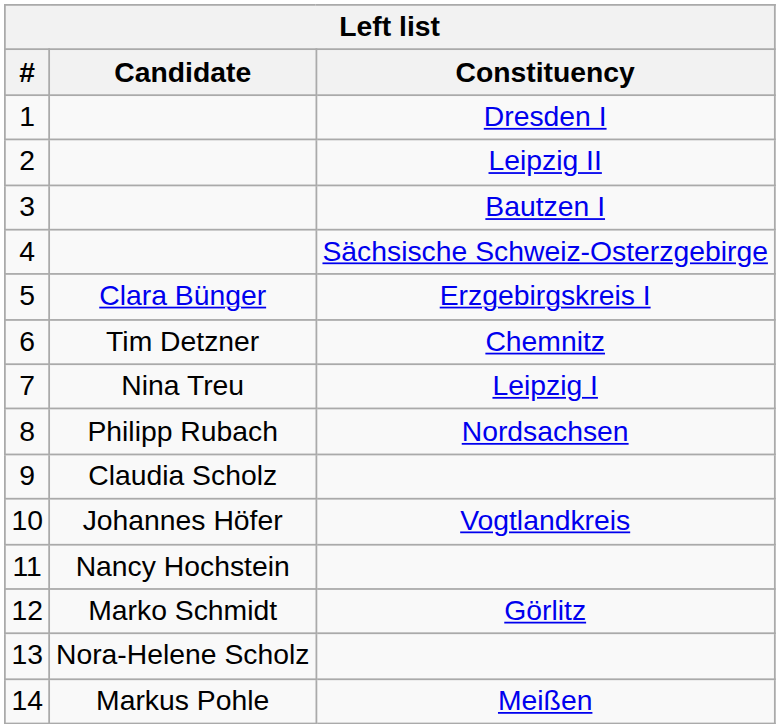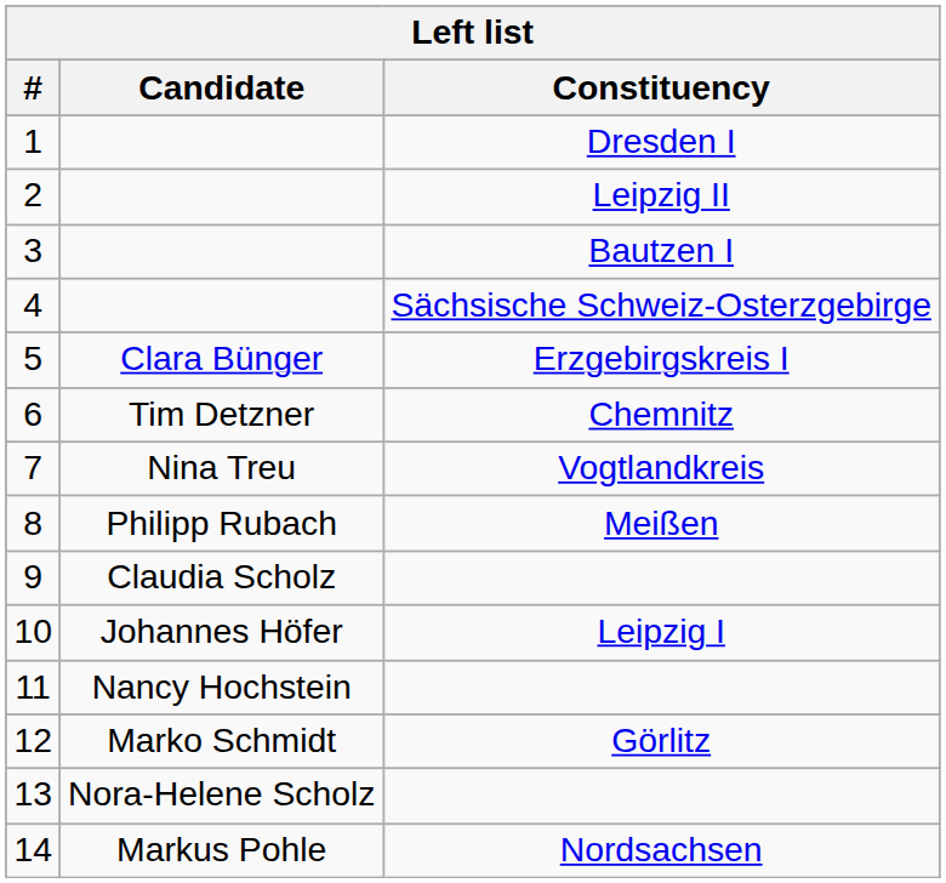 <table class="wikitable mw-collapsible mw-collapsed" style="text-align:center">
 <tr>
 <th colspan=3>Left list</th>
 </tr>
 <tr>
 <th>#</th>
 <th>Candidate</th>
 <th>Constituency</th>
 </tr>
 <tr>
 <td>1</td>
 <td></td>
 <td><a href='#'>Dresden I</a></td>
 </tr>
 <tr>
 <td>2</td>
 <td></td>
 <td><a href='#'>Leipzig II</a></td>
 </tr>
 <tr>
 <td>3</td>
 <td></td>
 <td><a href='#'>Bautzen I</a></td>
 </tr>
 <tr>
 <td>4</td>
 <td></td>
 <td><a href='#'>Sächsische Schweiz-Osterzgebirge</a></td>
 </tr>
 <tr>
 <td>5</td>
 <td><a href='#'>Clara Bünger</a></td>
 <td><a href='#'>Erzgebirgskreis I</a></td>
 </tr>
 <tr>
 <td>6</td>
 <td>Tim Detzner</td>
 <td><a href='#'>Chemnitz</a></td>
 </tr>
 <tr>
 <td>7</td>
 <td>Nina Treu</td>
-<td><a href='#'>Leipzig I</a></td>
+<td><a href='#'>Vogtlandkreis</a></td>
 </tr>
 <tr>
 <td>8</td>
 <td>Philipp Rubach</td>
-<td><a href='#'>Nordsachsen</a></td>
+<td><a href='#'>Meißen</a></td>
 </tr>
 <tr>
 <td>9</td>
 <td>Claudia Scholz</td>
 <td></td>
 </tr>
 <tr>
 <td>10</td>
 <td>Johannes Höfer</td>
-<td><a href='#'>Vogtlandkreis</a></td>
+<td><a href='#'>Leipzig I</a></td>
 </tr>
 <tr>
 <td>11</td>
 <td>Nancy Hochstein</td>
 <td></td>
 </tr>
 <tr>
 <td>12</td>
 <td>Marko Schmidt</td>
 <td><a href='#'>Görlitz</a></td>
 </tr>
 <tr>
 <td>13</td>
 <td>Nora-Helene Scholz</td>
 <td></td>
 </tr>
 <tr>
 <td>14</td>
 <td>Markus Pohle</td>
-<td><a href='#'>Meißen</a></td>
+<td><a href='#'>Nordsachsen</a></td>
 </tr>
 </table>
